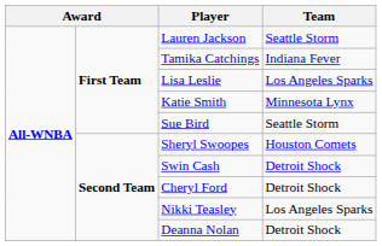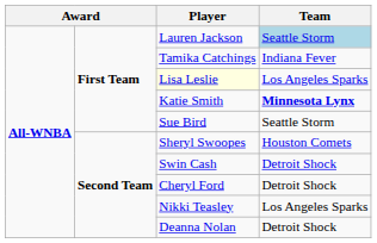 <table class="wikitable">
 <tr>
 <th colspan=2>Award</th>
 <th>Player</th>
 <th>Team</th>
 </tr>
 <tr>
 <td rowspan=10><strong><a href='#'>All-WNBA</a></strong></td>
 <td rowspan=5><strong>First Team</strong></td>
 <td><a href='#'>Lauren Jackson</a></td>
-<td><a href='#'>Seattle Storm</a></td>
+<td style="background: lightblue;"><a href='#'>Seattle Storm</a></td>
 </tr>
 <tr>
 <td><a href='#'>Tamika Catchings</a></td>
 <td><a href='#'>Indiana Fever</a></td>
 </tr>
 <tr>
-<td><a href='#'>Lisa Leslie</a></td>
+<td style="background: lightyellow;"><a href='#'>Lisa Leslie</a></td>
 <td><a href='#'>Los Angeles Sparks</a></td>
 </tr>
 <tr>
 <td><a href='#'>Katie Smith</a></td>
-<td><a href='#'>Minnesota Lynx</a></td>
+<td><strong><a href='#'>Minnesota Lynx</a></strong></td>
 </tr>
 <tr>
 <td><a href='#'>Sue Bird</a></td>
 <td>Seattle Storm</td>
 </tr>
 <tr>
 <td rowspan=5><strong>Second Team</strong></td>
 <td><a href='#'>Sheryl Swoopes</a></td>
 <td><a href='#'>Houston Comets</a></td>
 </tr>
 <tr>
 <td><a href='#'>Swin Cash</a></td>
 <td><a href='#'>Detroit Shock</a></td>
 </tr>
 <tr>
 <td><a href='#'>Cheryl Ford</a></td>
 <td>Detroit Shock</td>
 </tr>
 <tr>
 <td><a href='#'>Nikki Teasley</a></td>
 <td>Los Angeles Sparks</td>
 </tr>
 <tr>
 <td><a href='#'>Deanna Nolan</a></td>
 <td>Detroit Shock</td>
 </tr>
 </table>
